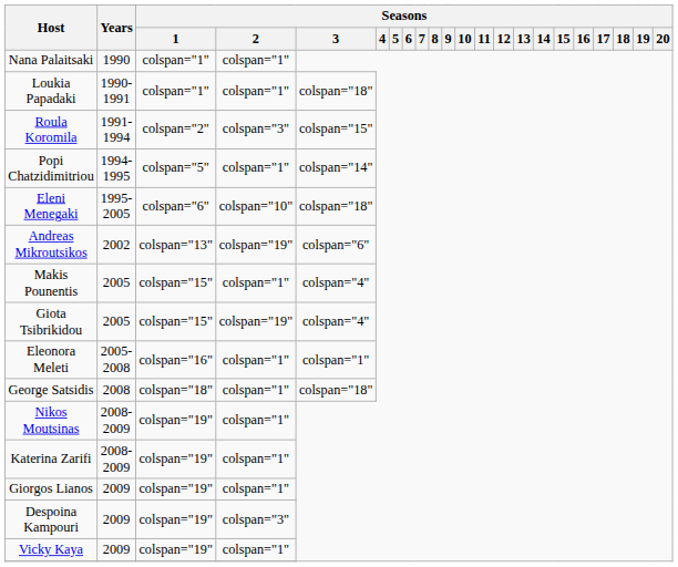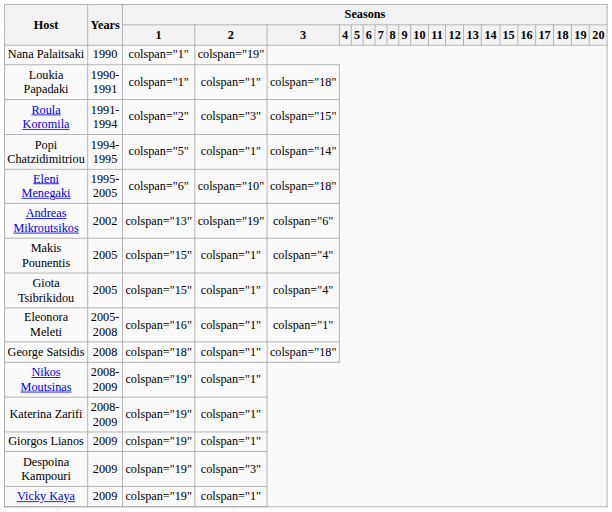 <table class="wikitable plainrowheaders" style="text-align:center; font-size:90%; width:75%">
 <tr>
 <th rowspan="2">Host</th>
 <th rowspan="2">Years</th>
 <th colspan="20">Seasons</th>
 </tr>
 <tr>
 <th ! width="12">1</th>
 <th width="21">2</th>
 <th width="21">3</th>
 <th width="21">4</th>
 <th width="21">5</th>
 <th width="21">6</th>
 <th width="21">7</th>
 <th width="21">8</th>
 <th width="21">9</th>
 <th width="21">10</th>
 <th width="21">11</th>
 <th width="21">12</th>
 <th width="21">13</th>
 <th width="21">14</th>
 <th width="21">15</th>
 <th width="21">16</th>
 <th width="21">17</th>
 <th width="21">18</th>
 <th width="21">19</th>
 <th width="21">20</th>
 </tr>
 <tr>
 <td>Nana Palaitsaki</td>
 <td>1990</td>
 <td>colspan="1" </td>
-<td>colspan="1" </td>
+<td>colspan="19" </td>
 </tr>
 <tr>
 <td>Loukia Papadaki</td>
 <td>1990-1991</td>
 <td>colspan="1" </td>
 <td>colspan="1" </td>
 <td>colspan="18" </td>
 </tr>
 <tr>
 <td><a href='#'>Roula Koromila</a></td>
 <td>1991-1994</td>
 <td>colspan="2" </td>
 <td>colspan="3" </td>
 <td>colspan="15" </td>
 </tr>
 <tr>
 <td>Popi Chatzidimitriou</td>
 <td>1994-1995</td>
 <td>colspan="5" </td>
 <td>colspan="1" </td>
 <td>colspan="14" </td>
 </tr>
 <tr>
 <td><a href='#'>Eleni Menegaki</a></td>
 <td>1995-2005</td>
 <td>colspan="6" </td>
 <td>colspan="10" </td>
 <td>colspan="18" </td>
 </tr>
 <tr>
 <td><a href='#'>Andreas Mikroutsikos</a></td>
 <td>2002</td>
 <td>colspan="13" </td>
 <td>colspan="19" </td>
 <td>colspan="6" </td>
 </tr>
 <tr>
 <td>Makis Pounentis</td>
 <td>2005</td>
 <td>colspan="15" </td>
 <td>colspan="1" </td>
 <td>colspan="4" </td>
 </tr>
 <tr>
 <td>Giota Tsibrikidou</td>
 <td>2005</td>
 <td>colspan="15" </td>
-<td>colspan="19" </td>
+<td>colspan="1" </td>
 <td>colspan="4" </td>
 </tr>
 <tr>
 <td>Eleonora Meleti</td>
 <td>2005-2008</td>
 <td>colspan="16" </td>
 <td>colspan="1" </td>
 <td>colspan="1" </td>
 </tr>
 <tr>
 <td>George Satsidis</td>
 <td>2008</td>
 <td>colspan="18" </td>
 <td>colspan="1" </td>
 <td>colspan="18" </td>
 </tr>
 <tr>
 <td><a href='#'>Nikos Moutsinas</a></td>
 <td>2008-2009</td>
 <td>colspan="19" </td>
 <td>colspan="1" </td>
 </tr>
 <tr>
 <td>Katerina Zarifi</td>
 <td>2008-2009</td>
 <td>colspan="19" </td>
 <td>colspan="1" </td>
 </tr>
 <tr>
 <td>Giorgos Lianos</td>
 <td>2009</td>
 <td>colspan="19" </td>
 <td>colspan="1" </td>
 </tr>
 <tr>
 <td>Despoina Kampouri</td>
 <td>2009</td>
 <td>colspan="19" </td>
 <td>colspan="3" </td>
 </tr>
 <tr>
 <td><a href='#'>Vicky Kaya</a></td>
 <td>2009</td>
 <td>colspan="19" </td>
 <td>colspan="1" </td>
 </tr>
 <tr>
 </tr>
 </table>
